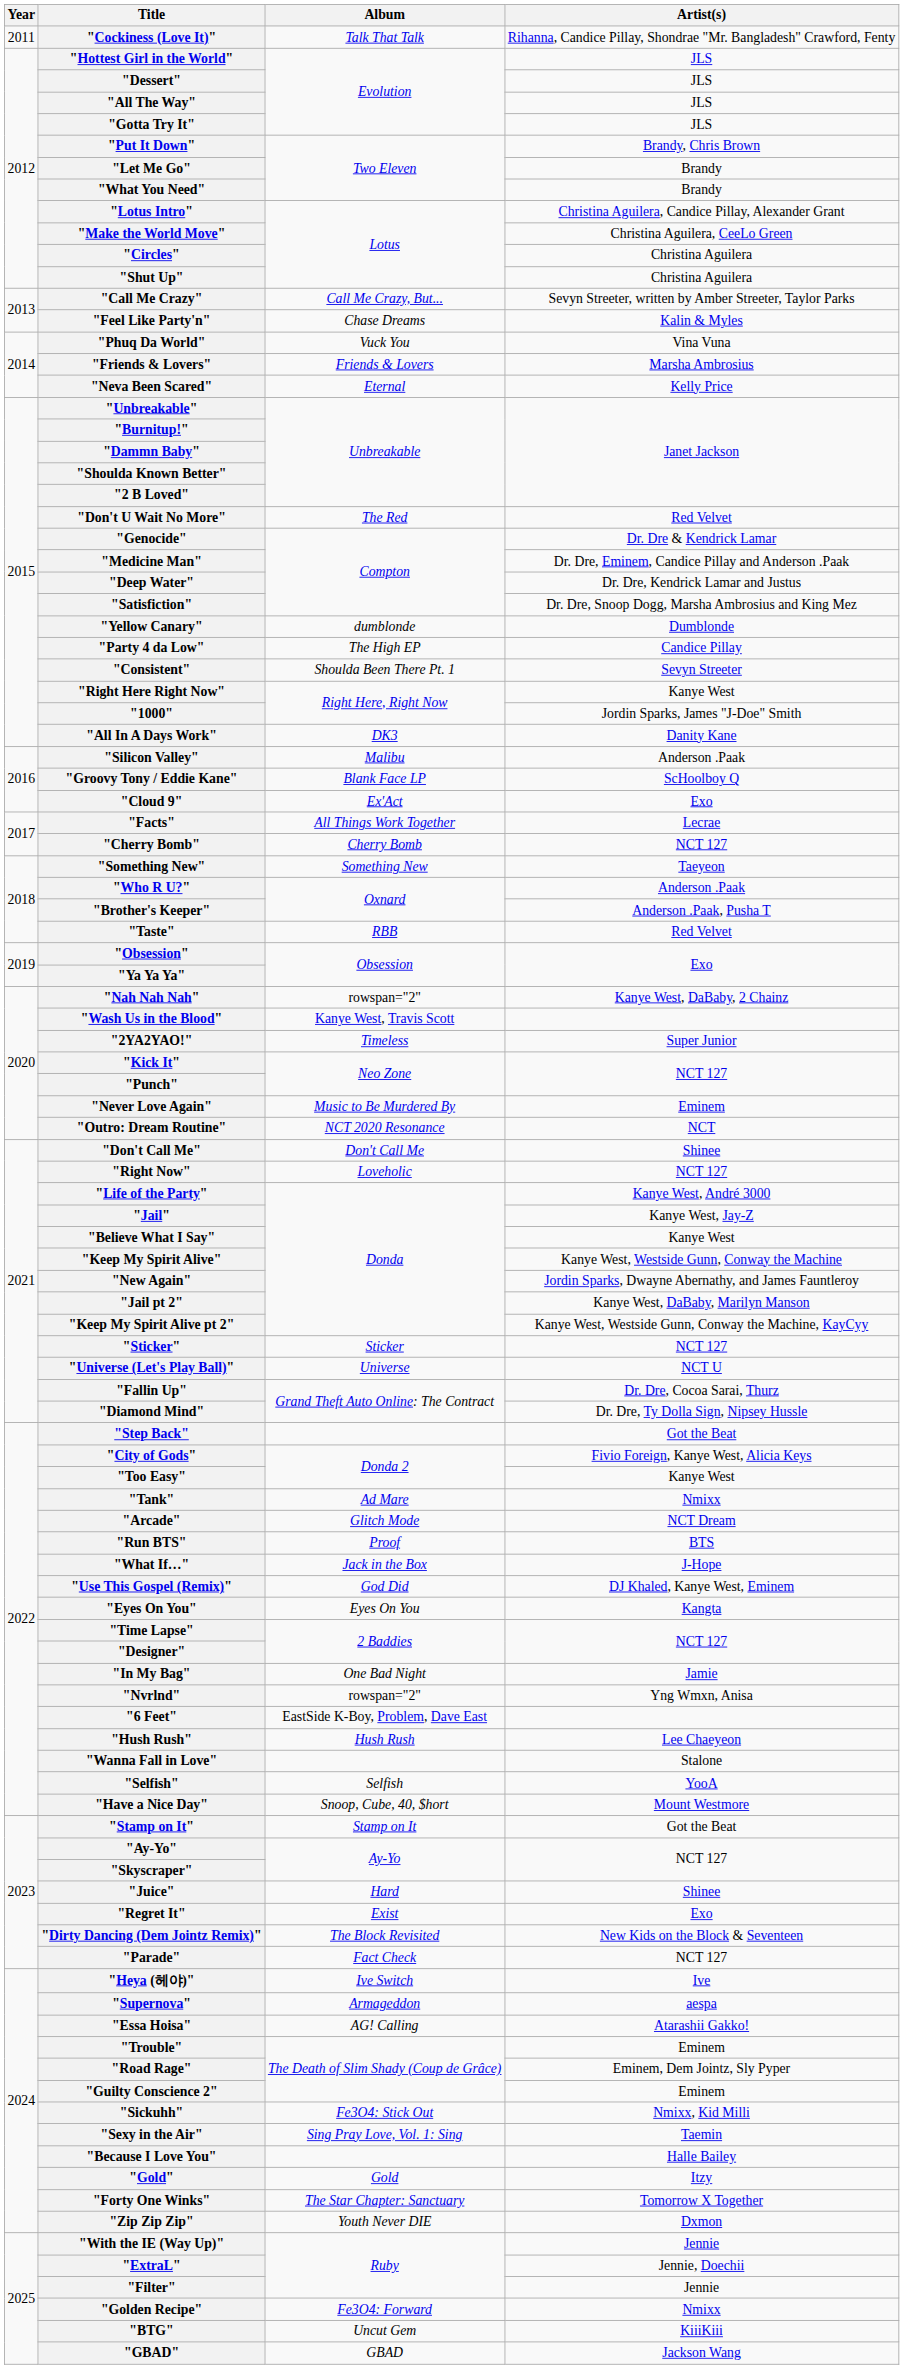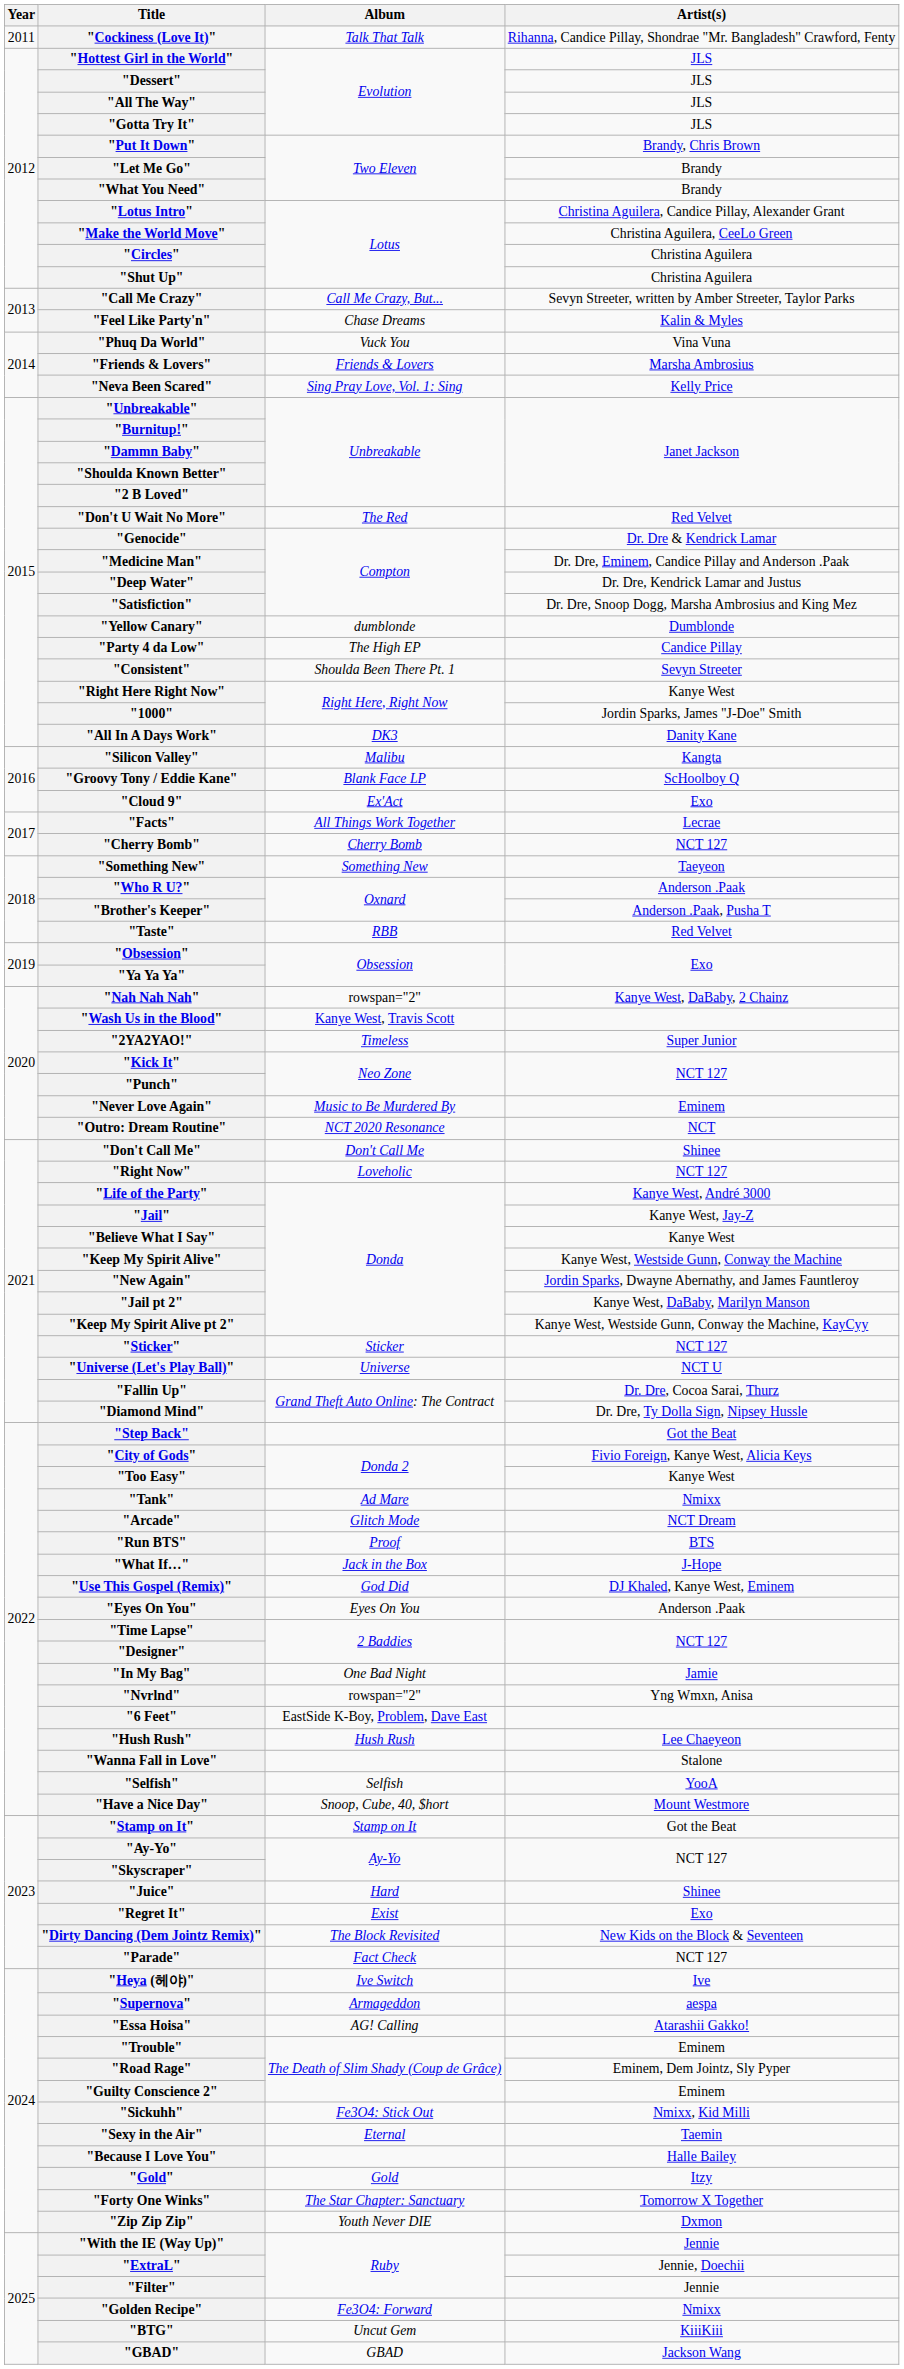 <table class="wikitable plainrowheaders" style="text-align:center;">
 <tr>
 <th scope="col">Year</th>
 <th scope="col">Title</th>
 <th scope="col">Album</th>
 <th scope="col">Artist(s)</th>
 </tr>
 <tr>
 <td rowspan="1">2011</td>
 <th scope="row">"<a href='#'>Cockiness (Love It)</a>"</th>
 <td rowspan="1"><em><a href='#'>Talk That Talk</a></em></td>
 <td><a href='#'>Rihanna</a>, Candice Pillay, Shondrae "Mr. Bangladesh" Crawford, Fenty</td>
 </tr>
 <tr>
 <td rowspan="11">2012</td>
 <th scope="row">"<a href='#'>Hottest Girl in the World</a>"</th>
 <td rowspan="4"><em><a href='#'>Evolution</a></em></td>
 <td><a href='#'>JLS</a></td>
 </tr>
 <tr>
 <th scope="row">"Dessert"</th>
 <td>JLS</td>
 </tr>
 <tr>
 <th scope="row">"All The Way"</th>
 <td>JLS</td>
 </tr>
 <tr>
 <th scope="row">"Gotta Try It"</th>
 <td>JLS</td>
 </tr>
 <tr>
 <th scope="row">"<a href='#'>Put It Down</a>"</th>
 <td rowspan="3"><em><a href='#'>Two Eleven</a></em></td>
 <td><a href='#'>Brandy</a>, <a href='#'>Chris Brown</a></td>
 </tr>
 <tr>
 <th scope="row">"Let Me Go"</th>
 <td>Brandy</td>
 </tr>
 <tr>
 <th scope="row">"What You Need"</th>
 <td>Brandy</td>
 </tr>
 <tr>
 <th scope="row">"<a href='#'>Lotus Intro</a>"</th>
 <td rowspan="4"><em><a href='#'>Lotus</a></em></td>
 <td><a href='#'>Christina Aguilera</a>, Candice Pillay, Alexander Grant</td>
 </tr>
 <tr>
 <th scope="row">"<a href='#'>Make the World Move</a>"</th>
 <td>Christina Aguilera, <a href='#'>CeeLo Green</a></td>
 </tr>
 <tr>
 <th scope="row">"<a href='#'>Circles</a>"</th>
 <td>Christina Aguilera</td>
 </tr>
 <tr>
 <th scope="row">"Shut Up"</th>
 <td>Christina Aguilera</td>
 </tr>
 <tr>
 <td rowspan="2">2013</td>
 <th scope="row">"Call Me Crazy"</th>
 <td rowspan="1"><em><a href='#'>Call Me Crazy, But...</a></em></td>
 <td>Sevyn Streeter, written by Amber Streeter, Taylor Parks</td>
 </tr>
 <tr>
 <th scope="row">"Feel Like Party'n"</th>
 <td rowspan="1"><em>Chase Dreams</em></td>
 <td><a href='#'>Kalin & Myles</a></td>
 </tr>
 <tr>
 <td rowspan="3">2014</td>
 <th scope="row">"Phuq Da World"</th>
 <td rowspan="1"><em> Vuck You</em></td>
 <td>Vina Vuna</td>
 </tr>
 <tr>
 <th scope="row">"Friends & Lovers"</th>
 <td rowspan="1"><em><a href='#'>Friends & Lovers</a></em></td>
 <td><a href='#'>Marsha Ambrosius</a></td>
 </tr>
 <tr>
 <th scope="row">"Neva Been Scared"</th>
-<td><a href='#'><em>Eternal</em></a></td>
+<td rowspan="1"><em><a href='#'>Sing Pray Love, Vol. 1: Sing</a></em></td>
 <td><a href='#'>Kelly Price</a></td>
 </tr>
 <tr>
 <td rowspan="16">2015</td>
 <th scope="row">"<a href='#'>Unbreakable</a>"</th>
 <td rowspan="5"><em><a href='#'>Unbreakable</a></em></td>
 <td rowspan="5"><a href='#'>Janet Jackson</a></td>
 </tr>
 <tr>
 <th scope="row">"<a href='#'>Burnitup!</a>"</th>
 </tr>
 <tr>
 <th scope="row">"<a href='#'>Dammn Baby</a>"</th>
 </tr>
 <tr>
 <th scope="row">"Shoulda Known Better"</th>
 </tr>
 <tr>
 <th scope="row">"2 B Loved"</th>
 </tr>
 <tr>
 <th scope="row">"Don't U Wait No More"</th>
 <td><em><a href='#'>The Red</a></em></td>
 <td><a href='#'>Red Velvet</a></td>
 </tr>
 <tr>
 <th scope="row">"Genocide"</th>
 <td rowspan="4"><em><a href='#'>Compton</a></em></td>
 <td><a href='#'>Dr. Dre</a> & <a href='#'>Kendrick Lamar</a></td>
 </tr>
 <tr>
 <th scope="row">"Medicine Man"</th>
 <td>Dr. Dre, <a href='#'>Eminem</a>, Candice Pillay and Anderson .Paak</td>
 </tr>
 <tr>
 <th scope="row">"Deep Water"</th>
 <td>Dr. Dre, Kendrick Lamar and Justus</td>
 </tr>
 <tr>
 <th scope="row">"Satisfiction"</th>
 <td>Dr. Dre, Snoop Dogg, Marsha Ambrosius and King Mez</td>
 </tr>
 <tr>
 <th scope="row">"Yellow Canary"</th>
 <td rowspan="1"><em>dumblonde</em></td>
 <td><a href='#'>Dumblonde</a></td>
 </tr>
 <tr>
 <th scope="row">"Party 4 da Low"</th>
 <td rowspan="1"><em>The High EP</em></td>
 <td><a href='#'>Candice Pillay</a></td>
 </tr>
 <tr>
 <th scope="row">"Consistent"</th>
 <td rowspan="1"><em>Shoulda Been There Pt. 1</em></td>
 <td><a href='#'>Sevyn Streeter</a></td>
 </tr>
 <tr>
 <th scope="row">"Right Here Right Now"</th>
 <td rowspan="2"><em><a href='#'>Right Here, Right Now</a></em></td>
 <td>Kanye West</td>
 </tr>
 <tr>
 <th scope="row">"1000"</th>
 <td>Jordin Sparks, James "J-Doe" Smith</td>
 </tr>
 <tr>
 <th scope="row">"All In A Days Work"</th>
 <td rowspan="1"><em><a href='#'>DK3</a></em></td>
 <td><a href='#'>Danity Kane</a></td>
 </tr>
 <tr>
 <td rowspan="3">2016</td>
 <th scope="row">"Silicon Valley"</th>
 <td><em><a href='#'>Malibu</a></em></td>
-<td>Anderson .Paak</td>
+<td><a href='#'>Kangta</a></td>
 </tr>
 <tr>
 <th scope="row">"Groovy Tony / Eddie Kane"</th>
 <td><em><a href='#'>Blank Face LP</a></em></td>
 <td><a href='#'>ScHoolboy Q</a></td>
 </tr>
 <tr>
 <th scope="row">"Cloud 9"</th>
 <td><em><a href='#'>Ex'Act</a></em></td>
 <td><a href='#'>Exo</a></td>
 </tr>
 <tr>
 <td rowspan="2">2017</td>
 <th scope="row">"Facts"</th>
 <td><em><a href='#'>All Things Work Together</a></em></td>
 <td><a href='#'>Lecrae</a></td>
 </tr>
 <tr>
 <th scope="row">"Cherry Bomb"</th>
 <td><em><a href='#'>Cherry Bomb</a></em></td>
 <td><a href='#'>NCT 127</a></td>
 </tr>
 <tr>
 <td rowspan="4">2018</td>
 <th scope="row">"Something New"</th>
 <td rowspan="1"><em><a href='#'>Something New</a></em></td>
 <td rowspan="1"><a href='#'>Taeyeon</a></td>
 </tr>
 <tr>
 <th scope="row">"<a href='#'>Who R U?</a>"</th>
 <td rowspan="2"><em><a href='#'>Oxnard</a></em></td>
 <td scope="row"><a href='#'>Anderson .Paak</a></td>
 </tr>
 <tr>
 <th scope="row">"Brother's Keeper"</th>
 <td scope="row"><a href='#'>Anderson .Paak</a>, <a href='#'>Pusha T</a></td>
 </tr>
 <tr>
 <th scope="row">"Taste"</th>
 <td rowspan="1"><em><a href='#'>RBB</a></em></td>
 <td scope="row"><a href='#'>Red Velvet</a></td>
 </tr>
 <tr>
 <td rowspan="2">2019</td>
 <th scope="row">"<a href='#'>Obsession</a>"</th>
 <td rowspan="2"><em><a href='#'>Obsession</a></em></td>
 <td rowspan="2"><a href='#'>Exo</a></td>
 </tr>
 <tr>
 <th scope="row">"Ya Ya Ya"</th>
 </tr>
 <tr>
 <td rowspan="7">2020</td>
 <th scope="row">"<a href='#'>Nah Nah Nah</a>"</th>
 <td>rowspan="2"  </td>
 <td scope="row"><a href='#'>Kanye West</a>, <a href='#'>DaBaby</a>, <a href='#'>2 Chainz</a></td>
 </tr>
 <tr>
 <th scope="row">"<a href='#'>Wash Us in the Blood</a>"</th>
 <td scope="row"><a href='#'>Kanye West</a>, <a href='#'>Travis Scott</a></td>
 </tr>
 <tr>
 <th scope="row">"2YA2YAO!"</th>
 <td scope="row"><em><a href='#'>Timeless</a></em></td>
 <td scope="row"><a href='#'>Super Junior</a></td>
 </tr>
 <tr>
 <th scope="row">"<a href='#'>Kick It</a>"</th>
 <td rowspan="2"><em><a href='#'>Neo Zone</a></em></td>
 <td rowspan="2"><a href='#'>NCT 127</a></td>
 </tr>
 <tr>
 <th scope="row">"Punch"</th>
 </tr>
 <tr>
 <th scope="row">"Never Love Again"</th>
 <td scope="row"><em><a href='#'>Music to Be Murdered By</a></em></td>
 <td scope="row"><a href='#'>Eminem</a></td>
 </tr>
 <tr>
 <th scope="row">"Outro: Dream Routine"</th>
 <td scope="row"><em><a href='#'>NCT 2020 Resonance</a></em></td>
 <td scope="row"><a href='#'>NCT</a></td>
 </tr>
 <tr>
 <td rowspan="13">2021</td>
 <th scope="row">"Don't Call Me"</th>
 <td scope="row"><em><a href='#'>Don't Call Me</a></em></td>
 <td scope="row"><a href='#'>Shinee</a></td>
 </tr>
 <tr>
 <th scope="row">"Right Now"</th>
 <td scope="row"><em><a href='#'>Loveholic</a></em></td>
 <td><a href='#'>NCT 127</a></td>
 </tr>
 <tr>
 <th scope="row">"<a href='#'>Life of the Party</a>"</th>
 <td rowspan="7"><em><a href='#'>Donda</a></em></td>
 <td><a href='#'>Kanye West</a>, <a href='#'>André 3000</a></td>
 </tr>
 <tr>
 <th scope="row">"<a href='#'>Jail</a>"</th>
 <td>Kanye West, <a href='#'>Jay-Z</a></td>
 </tr>
 <tr>
 <th scope="row">"Believe What I Say"</th>
 <td>Kanye West</td>
 </tr>
 <tr>
 <th scope="row">"Keep My Spirit Alive"</th>
 <td>Kanye West, <a href='#'>Westside Gunn</a>, <a href='#'>Conway the Machine</a></td>
 </tr>
 <tr>
 <th scope="row">"New Again"</th>
 <td><a href='#'>Jordin Sparks</a>, Dwayne Abernathy, and James Fauntleroy</td>
 </tr>
 <tr>
 <th scope="row">"Jail pt 2"</th>
 <td>Kanye West, <a href='#'>DaBaby</a>, <a href='#'>Marilyn Manson</a></td>
 </tr>
 <tr>
 <th scope="row">"Keep My Spirit Alive pt 2"</th>
 <td>Kanye West, Westside Gunn, Conway the Machine, <a href='#'>KayCyy</a></td>
 </tr>
 <tr>
 <th scope="row">"<a href='#'>Sticker</a>"</th>
 <td scope="row"><em><a href='#'>Sticker</a></em></td>
 <td><a href='#'>NCT 127</a></td>
 </tr>
 <tr>
 <th scope="row">"<a href='#'>Universe (Let's Play Ball)</a>"</th>
 <td scope="row"><em><a href='#'>Universe</a></em></td>
 <td><a href='#'>NCT U</a></td>
 </tr>
 <tr>
 <th scope="row">"Fallin Up"</th>
 <td rowspan="2"><em><a href='#'>Grand Theft Auto Online</a>: The Contract</em></td>
 <td><a href='#'>Dr. Dre</a>, Cocoa Sarai, <a href='#'>Thurz</a></td>
 </tr>
 <tr>
 <th scope="row">"Diamond Mind"</th>
 <td>Dr. Dre, <a href='#'>Ty Dolla Sign</a>, <a href='#'>Nipsey Hussle</a></td>
 </tr>
 <tr>
 <td rowspan="18">2022</td>
 <th scope="row"><a href='#'>"Step Back"</a></th>
 <td></td>
 <td><a href='#'>Got the Beat</a></td>
 </tr>
 <tr>
 <th scope="row">"<a href='#'>City of Gods</a>"</th>
 <td rowspan="2"><em><a href='#'>Donda 2</a></em></td>
 <td><a href='#'>Fivio Foreign</a>, Kanye West, <a href='#'>Alicia Keys</a></td>
 </tr>
 <tr>
 <th scope="row">"Too Easy"</th>
 <td>Kanye West</td>
 </tr>
 <tr>
 <th scope="row">"Tank"</th>
 <td><em><a href='#'>Ad Mare</a></em></td>
 <td><a href='#'>Nmixx</a></td>
 </tr>
 <tr>
 <th scope="row">"Arcade"</th>
 <td><em><a href='#'>Glitch Mode</a></em></td>
 <td><a href='#'>NCT Dream</a></td>
 </tr>
 <tr>
 <th scope="row">"Run BTS"</th>
 <td><em><a href='#'>Proof</a></em></td>
 <td><a href='#'>BTS</a></td>
 </tr>
 <tr>
 <th scope="row">"What If…"</th>
 <td><em><a href='#'>Jack in the Box</a></em></td>
 <td><a href='#'>J-Hope</a></td>
 </tr>
 <tr>
 <th scope="row">"<a href='#'>Use This Gospel (Remix)</a>"</th>
 <td><em><a href='#'>God Did</a></em></td>
 <td><a href='#'>DJ Khaled</a>, Kanye West, <a href='#'>Eminem</a></td>
 </tr>
 <tr>
 <th scope="row">"Eyes On You"</th>
 <td><em>Eyes On You</em></td>
-<td><a href='#'>Kangta</a></td>
+<td>Anderson .Paak</td>
 </tr>
 <tr>
 <th scope="row">"Time Lapse"</th>
 <td rowspan="2"><em><a href='#'>2 Baddies</a></em></td>
 <td rowspan="2"><a href='#'>NCT 127</a></td>
 </tr>
 <tr>
 <th scope="row">"Designer"</th>
 </tr>
 <tr>
 <th scope="row">"In My Bag"</th>
 <td><em>One Bad Night</em></td>
 <td><a href='#'>Jamie</a></td>
 </tr>
 <tr>
 <th scope="row">"Nvrlnd"</th>
 <td>rowspan="2" </td>
 <td>Yng Wmxn, Anisa</td>
 </tr>
 <tr>
 <th scope="row">"6 Feet"</th>
 <td>EastSide K-Boy, <a href='#'>Problem</a>, <a href='#'>Dave East</a></td>
 </tr>
 <tr>
 <th scope="row">"Hush Rush"</th>
 <td><em><a href='#'>Hush Rush</a></em></td>
 <td><a href='#'>Lee Chaeyeon</a></td>
 </tr>
 <tr>
 <th scope="row">"Wanna Fall in Love"</th>
 <td></td>
 <td>Stalone</td>
 </tr>
 <tr>
 <th scope="row">"Selfish"</th>
 <td><em>Selfish</em></td>
 <td><a href='#'>YooA</a></td>
 </tr>
 <tr>
 <th scope="row">"Have a Nice Day"</th>
 <td><em>Snoop, Cube, 40, $hort</em></td>
 <td><a href='#'>Mount Westmore</a></td>
 </tr>
 <tr>
 <td rowspan="7">2023</td>
 <th scope="row">"<a href='#'>Stamp on It</a>"</th>
 <td><em><a href='#'>Stamp on It</a></em></td>
 <td>Got the Beat</td>
 </tr>
 <tr>
 <th scope="row">"Ay-Yo"</th>
 <td rowspan="2"><em><a href='#'>Ay-Yo</a></em></td>
 <td rowspan="2">NCT 127</td>
 </tr>
 <tr>
 <th scope="row">"Skyscraper"</th>
 </tr>
 <tr>
 <th scope="row">"Juice"</th>
 <td><em><a href='#'>Hard</a></em></td>
 <td><a href='#'>Shinee</a></td>
 </tr>
 <tr>
 <th scope="row">"Regret It"</th>
 <td><em><a href='#'>Exist</a></em></td>
 <td><a href='#'>Exo</a></td>
 </tr>
 <tr>
 <th scope="row">"<a href='#'>Dirty Dancing (Dem Jointz Remix)</a>"</th>
 <td><em><a href='#'>The Block Revisited</a></em></td>
 <td><a href='#'>New Kids on the Block</a> & <a href='#'>Seventeen</a></td>
 </tr>
 <tr>
 <th scope="row">"Parade"</th>
 <td><em><a href='#'>Fact Check</a></em></td>
 <td>NCT 127</td>
 </tr>
 <tr>
 <td rowspan="12">2024</td>
 <th scope="row">"<a href='#'>Heya</a> (헤야)"</th>
 <td><em><a href='#'>Ive Switch</a></em></td>
 <td><a href='#'>Ive</a></td>
 </tr>
 <tr>
 <th scope="row">"<a href='#'>Supernova</a>"</th>
 <td><em><a href='#'>Armageddon</a></em></td>
 <td><a href='#'>aespa</a></td>
 </tr>
 <tr>
 <th scope="row">"Essa Hoisa"</th>
 <td><em>AG! Calling</em></td>
 <td><a href='#'>Atarashii Gakko!</a></td>
 </tr>
 <tr>
 <th scope="row">"Trouble"</th>
 <td rowspan="3"><em><a href='#'>The Death of Slim Shady (Coup de Grâce)</a></em></td>
 <td>Eminem</td>
 </tr>
 <tr>
 <th scope="row">"Road Rage"</th>
 <td>Eminem, Dem Jointz, Sly Pyper</td>
 </tr>
 <tr>
 <th scope="row">"Guilty Conscience 2"</th>
 <td>Eminem</td>
 </tr>
 <tr>
 <th scope="row">"Sickuhh"</th>
 <td><em><a href='#'>Fe3O4: Stick Out</a></em></td>
 <td><a href='#'>Nmixx</a>, <a href='#'>Kid Milli</a></td>
 </tr>
 <tr>
 <th scope="row">"Sexy in the Air"</th>
-<td rowspan="1"><em><a href='#'>Sing Pray Love, Vol. 1: Sing</a></em></td>
+<td><a href='#'><em>Eternal</em></a></td>
 <td><a href='#'>Taemin</a></td>
 </tr>
 <tr>
 <th scope="row">"Because I Love You"</th>
 <td></td>
 <td><a href='#'>Halle Bailey</a></td>
 </tr>
 <tr>
 <th scope="row">"<a href='#'>Gold</a>"</th>
 <td><em><a href='#'>Gold</a></em></td>
 <td><a href='#'>Itzy</a></td>
 </tr>
 <tr>
 <th scope="row">"Forty One Winks"</th>
 <td><em><a href='#'>The Star Chapter: Sanctuary</a></em></td>
 <td><a href='#'>Tomorrow X Together</a></td>
 </tr>
 <tr>
 <th scope="row">"Zip Zip Zip"</th>
 <td><em>Youth Never DIE</em></td>
 <td><a href='#'>Dxmon</a></td>
 </tr>
 <tr>
 <td rowspan="6">2025</td>
 <th scope="row">"With the IE (Way Up)"</th>
 <td rowspan="3"><em><a href='#'>Ruby</a></em></td>
 <td><a href='#'>Jennie</a></td>
 </tr>
 <tr>
 <th scope="row">"<a href='#'>ExtraL</a>"</th>
 <td>Jennie, <a href='#'>Doechii</a></td>
 </tr>
 <tr>
 <th scope="row">"Filter"</th>
 <td>Jennie</td>
 </tr>
 <tr>
 <th scope="row">"Golden Recipe"</th>
 <td><em><a href='#'>Fe3O4: Forward</a></em></td>
 <td><a href='#'>Nmixx</a></td>
 </tr>
 <tr>
 <th scope="row">"BTG"</th>
 <td><em>Uncut Gem</em></td>
 <td><a href='#'>KiiiKiii</a></td>
 </tr>
 <tr>
 <th scope="row">"GBAD"</th>
 <td><em>GBAD</em></td>
 <td><a href='#'>Jackson Wang</a></td>
 </tr>
 </table>
